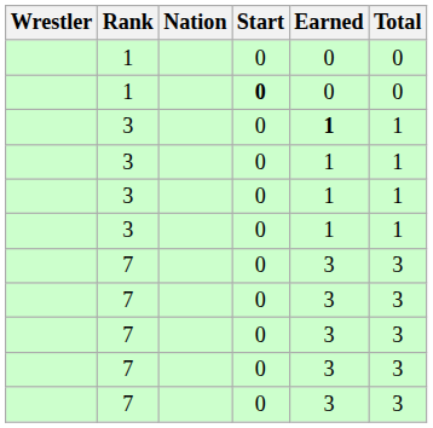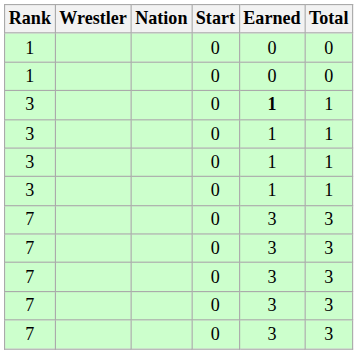 <table class="wikitable sortable" style="text-align:center;">
 <tr>
+<th>Rank</th>
 <th>Wrestler</th>
-<th>Rank</th>
 <th>Nation</th>
 <th>Start</th>
 <th>Earned</th>
 <th>Total</th>
 </tr>
 <tr style="background:#cfc;">
+<td>1</td>
 <td align=left></td>
-<td>1</td>
 <td align=left></td>
 <td>0</td>
 <td>0</td>
 <td>0</td>
 </tr>
 <tr style="background:#cfc;">
-<td align=left></td>
 <td>1</td>
 <td align=left></td>
-<td><strong>0</strong></td>
+<td align=left></td>
+<td>0</td>
 <td>0</td>
 <td>0</td>
 </tr>
 <tr style="background:#cfc;">
+<td>3</td>
 <td align=left></td>
-<td>3</td>
 <td align=left></td>
 <td>0</td>
 <td><strong>1</strong></td>
 <td>1</td>
 </tr>
 <tr style="background:#cfc;">
+<td>3</td>
 <td align=left></td>
-<td>3</td>
 <td align=left></td>
 <td>0</td>
 <td>1</td>
 <td>1</td>
 </tr>
 <tr style="background:#cfc;">
+<td>3</td>
 <td align=left></td>
-<td>3</td>
 <td align=left></td>
 <td>0</td>
 <td>1</td>
 <td>1</td>
 </tr>
 <tr style="background:#cfc;">
+<td>3</td>
 <td align=left></td>
-<td>3</td>
 <td align=left></td>
 <td>0</td>
 <td>1</td>
 <td>1</td>
 </tr>
 <tr style="background:#cfc;">
+<td>7</td>
 <td align=left></td>
-<td>7</td>
 <td align=left></td>
 <td>0</td>
 <td>3</td>
 <td>3</td>
 </tr>
 <tr style="background:#cfc;">
+<td>7</td>
 <td align=left></td>
-<td>7</td>
 <td align=left></td>
 <td>0</td>
 <td>3</td>
 <td>3</td>
 </tr>
 <tr style="background:#cfc;">
+<td>7</td>
 <td align=left></td>
-<td>7</td>
 <td align=left></td>
 <td>0</td>
 <td>3</td>
 <td>3</td>
 </tr>
 <tr style="background:#cfc;">
+<td>7</td>
 <td align=left></td>
-<td>7</td>
 <td align=left></td>
 <td>0</td>
 <td>3</td>
 <td>3</td>
 </tr>
 <tr style="background:#cfc;">
+<td>7</td>
 <td align=left></td>
-<td>7</td>
 <td align=left></td>
 <td>0</td>
 <td>3</td>
 <td>3</td>
 </tr>
 </table>
